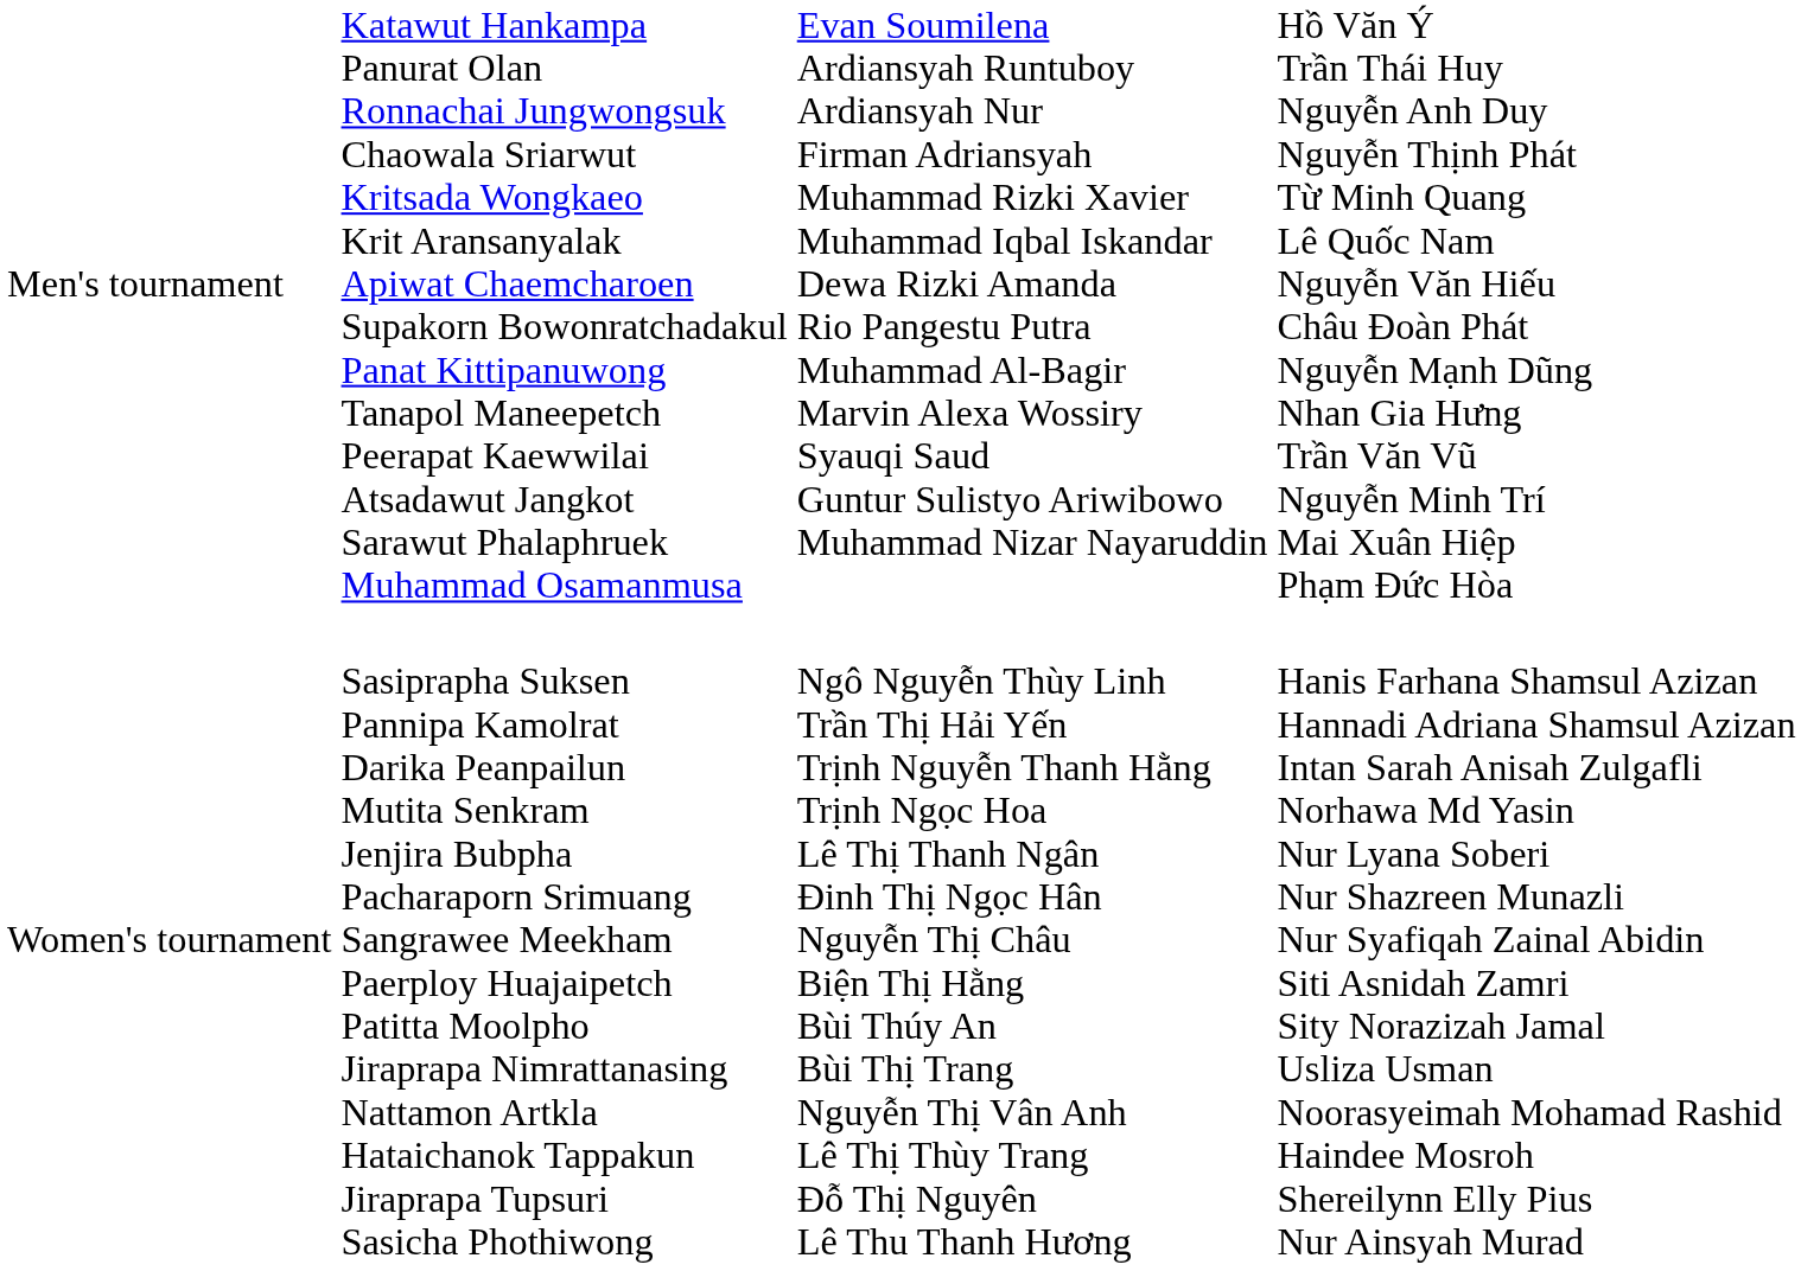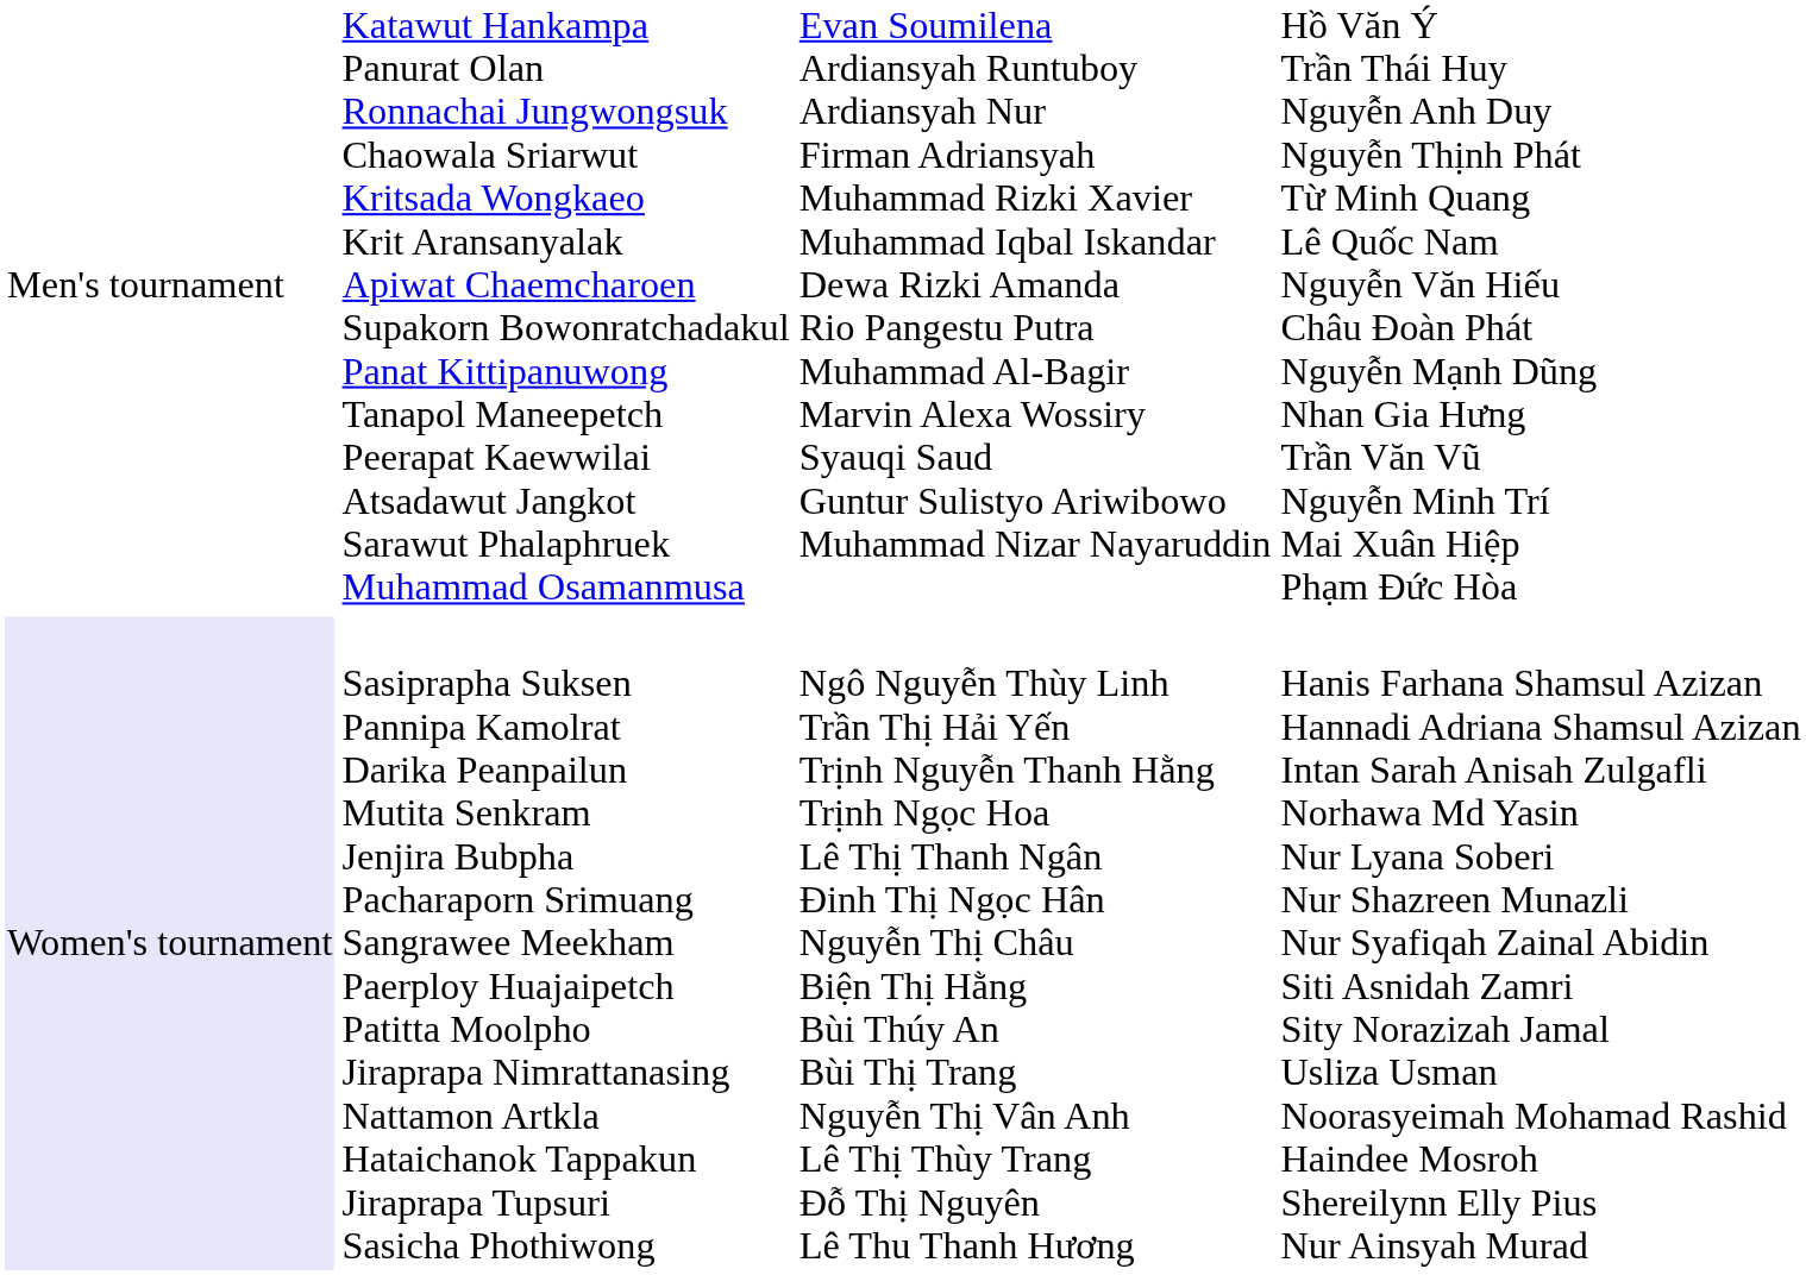 <table>
 <tr>
 <td>Men's tournament<br></td>
 <td nowrap=true valign=top><br><a href='#'>Katawut Hankampa</a><br>Panurat Olan<br><a href='#'>Ronnachai Jungwongsuk</a><br>Chaowala Sriarwut<br><a href='#'>Kritsada Wongkaeo</a><br>Krit Aransanyalak<br><a href='#'>Apiwat Chaemcharoen</a><br>Supakorn Bowonratchadakul<br><a href='#'>Panat Kittipanuwong</a><br>Tanapol Maneepetch<br>Peerapat Kaewwilai<br>Atsadawut Jangkot<br>Sarawut Phalaphruek<br><a href='#'>Muhammad Osamanmusa</a></td>
 <td nowrap=true valign=top><br><a href='#'>Evan Soumilena</a><br>Ardiansyah Runtuboy<br>Ardiansyah Nur<br>Firman Adriansyah<br>Muhammad Rizki Xavier<br>Muhammad Iqbal Iskandar<br>Dewa Rizki Amanda<br>Rio Pangestu Putra<br>Muhammad Al-Bagir<br>Marvin Alexa Wossiry<br>Syauqi Saud<br>Guntur Sulistyo Ariwibowo<br>Muhammad Nizar Nayaruddin</td>
 <td nowrap=true valign=top><br>Hồ Văn Ý<br>Trần Thái Huy<br>Nguyễn Anh Duy<br>Nguyễn Thịnh Phát<br>Từ Minh Quang<br>Lê Quốc Nam<br>Nguyễn Văn Hiếu<br>Châu Đoàn Phát<br>Nguyễn Mạnh Dũng<br>Nhan Gia Hưng<br>Trần Văn Vũ<br>Nguyễn Minh Trí<br>Mai Xuân Hiệp<br>Phạm Đức Hòa</td>
 </tr>
 <tr>
-<td>Women's tournament<br></td>
+<td style="background: lavender;">Women's tournament<br></td>
 <td nowrap=true valign=top><br>Sasiprapha Suksen<br>Pannipa Kamolrat<br>Darika Peanpailun<br>Mutita Senkram<br>Jenjira Bubpha<br>Pacharaporn Srimuang<br>Sangrawee Meekham<br>Paerploy Huajaipetch<br>Patitta Moolpho<br>Jiraprapa Nimrattanasing<br>Nattamon Artkla<br>Hataichanok Tappakun<br>Jiraprapa Tupsuri<br>Sasicha Phothiwong</td>
 <td nowrap=true valign=top><br>Ngô Nguyễn Thùy Linh<br>Trần Thị Hải Yến<br>Trịnh Nguyễn Thanh Hằng<br>Trịnh Ngọc Hoa<br>Lê Thị Thanh Ngân<br>Đinh Thị Ngọc Hân<br>Nguyễn Thị Châu<br>Biện Thị Hằng<br>Bùi Thúy An<br>Bùi Thị Trang<br>Nguyễn Thị Vân Anh<br>Lê Thị Thùy Trang<br>Đỗ Thị Nguyên<br>Lê Thu Thanh Hương</td>
 <td nowrap=true valign=top><br>Hanis Farhana Shamsul Azizan<br>Hannadi Adriana Shamsul Azizan<br>Intan Sarah Anisah Zulgafli<br>Norhawa Md Yasin<br>Nur Lyana Soberi<br>Nur Shazreen Munazli<br>Nur Syafiqah Zainal Abidin<br>Siti Asnidah Zamri<br>Sity Norazizah Jamal<br>Usliza Usman<br>Noorasyeimah Mohamad Rashid<br>Haindee Mosroh<br>Shereilynn Elly Pius<br>Nur Ainsyah Murad</td>
 </tr>
 </table>
